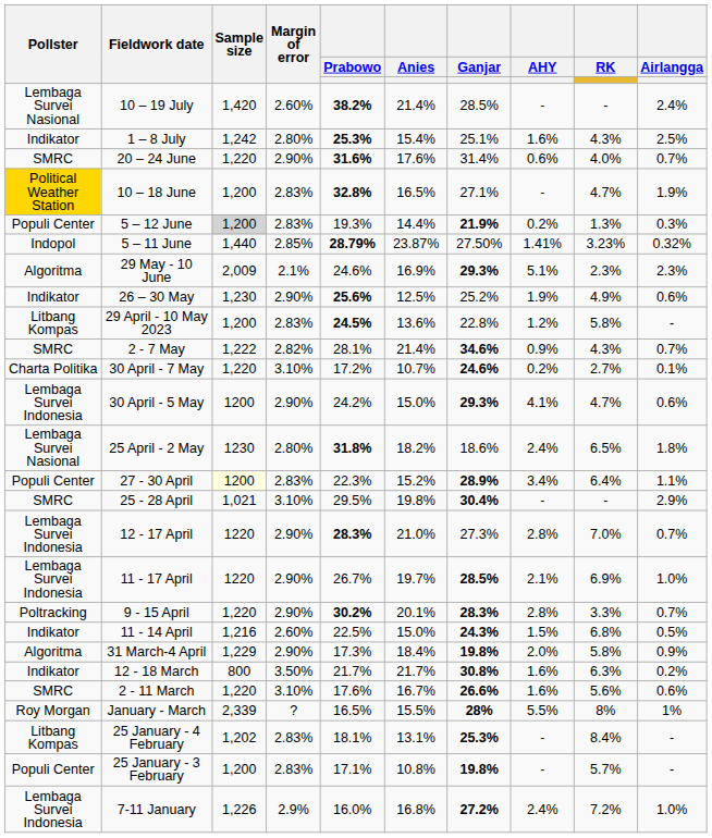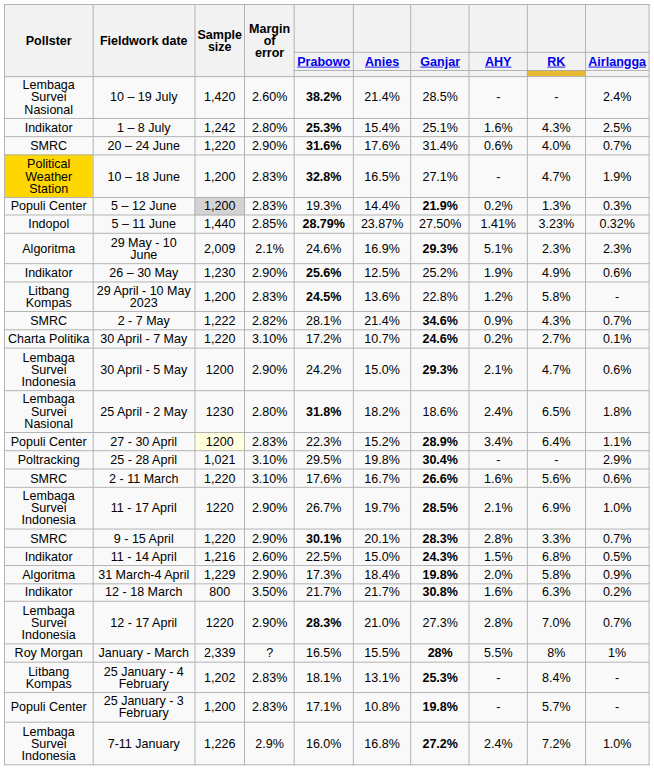 <table class="wikitable" style="text-align:center; font-size:90%; line-height:14px;">
 <tr style="height:55px; background-color:#E9E9E9">
 <th rowspan="3" style="width:95px;">Pollster</th>
 <th rowspan="3" style="width:110px;">Fieldwork date</th>
 <th rowspan="3" style="width:35px;">Sample size</th>
 <th rowspan="3" style="width:50px;">Margin of error</th>
 <th style="width:60px;"></th>
 <th style="width:60px;"></th>
 <th style="width:60px;"></th>
 <th style="width:60px;"></th>
 <th style="width:60px;"></th>
 <th style="width:60px;"></th>
 </tr>
 <tr>
 <th><a href='#'>Prabowo</a> <br></th>
 <th><a href='#'>Anies</a> <br></th>
 <th><a href='#'>Ganjar</a> <br></th>
 <th><a href='#'>AHY</a> <br></th>
 <th><a href='#'>RK</a> <br></th>
 <th><a href='#'>Airlangga</a>  <br></th>
 </tr>
 <tr>
 <th class="unsortable" style="color:inherit;background:"></th>
 <th class="unsortable" style="color:inherit;background:"></th>
 <th class="unsortable" style="color:inherit;background:"></th>
 <th class="unsortable" style="color:inherit;background:"></th>
 <th class="unsortable" style="color:inherit;background:#E7BA32; width:40px;"></th>
 <th class="unsortable" style="color:inherit;background:"></th>
 </tr>
 <tr>
 <td>Lembaga Survei Nasional</td>
 <td>10 – 19 July</td>
 <td>1,420</td>
 <td>2.60%</td>
 <td style="background-color:#"><strong>38.2%</strong> </td>
 <td>21.4% </td>
 <td>28.5% </td>
 <td>- </td>
 <td>- </td>
 <td>2.4% </td>
 </tr>
 <tr>
 <td>Indikator</td>
 <td>1 – 8 July</td>
 <td>1,242</td>
 <td>2.80%</td>
 <td style="background-color:#"><strong>25.3%</strong> </td>
 <td>15.4% </td>
 <td>25.1% </td>
 <td>1.6% </td>
 <td>4.3% </td>
 <td>2.5% </td>
 </tr>
 <tr>
 <td>SMRC</td>
 <td>20 – 24 June</td>
 <td>1,220</td>
 <td>2.90%</td>
 <td style="background-color:#"><strong>31.6%</strong> </td>
 <td>17.6% </td>
 <td>31.4% </td>
 <td>0.6% </td>
 <td>4.0% </td>
 <td>0.7% </td>
 </tr>
 <tr>
 <td style="background: gold;">Political Weather Station</td>
 <td>10 – 18 June</td>
 <td>1,200</td>
 <td>2.83%</td>
 <td style="background-color:#"><strong>32.8%</strong> </td>
 <td>16.5% </td>
 <td>27.1% </td>
 <td>- </td>
 <td>4.7% </td>
 <td>1.9% </td>
 </tr>
 <tr>
 <td>Populi Center</td>
 <td>5 – 12 June</td>
 <td style="background: lightgrey;">1,200</td>
 <td>2.83%</td>
 <td>19.3% </td>
 <td>14.4% </td>
 <td style="background-color:#"><strong>21.9%</strong> </td>
 <td>0.2% </td>
 <td>1.3% </td>
 <td>0.3% </td>
 </tr>
 <tr>
 <td>Indopol</td>
 <td>5 – 11 June</td>
 <td>1,440</td>
 <td>2.85%</td>
 <td style="background-color:#"><strong>28.79%</strong> </td>
 <td>23.87% </td>
 <td>27.50% </td>
 <td>1.41% </td>
 <td>3.23% </td>
 <td>0.32% </td>
 </tr>
 <tr>
 <td>Algoritma</td>
 <td>29 May - 10 June</td>
 <td>2,009</td>
 <td>2.1%</td>
 <td>24.6%</td>
 <td>16.9% </td>
 <td style="background-color:#"><strong>29.3%</strong> </td>
 <td>5.1% </td>
 <td>2.3% </td>
 <td>2.3% </td>
 </tr>
 <tr>
 <td>Indikator</td>
 <td>26 – 30 May</td>
 <td>1,230</td>
 <td>2.90%</td>
 <td style="background-color:#"><strong>25.6%</strong> </td>
 <td>12.5% </td>
 <td>25.2% </td>
 <td>1.9% </td>
 <td>4.9% </td>
 <td>0.6% </td>
 </tr>
 <tr>
 <td>Litbang Kompas</td>
 <td>29 April - 10 May 2023</td>
 <td>1,200</td>
 <td>2.83%</td>
 <td style="background-color:#"><strong>24.5%</strong> </td>
 <td>13.6% </td>
 <td>22.8% </td>
 <td>1.2% </td>
 <td>5.8% </td>
 <td>- </td>
 </tr>
 <tr>
 <td>SMRC</td>
 <td>2 - 7 May</td>
 <td>1,222</td>
 <td>2.82%</td>
 <td>28.1% </td>
 <td>21.4% </td>
 <td style="background-color:#"><strong>34.6%</strong> </td>
 <td>0.9% </td>
 <td>4.3% </td>
 <td>0.7% </td>
 </tr>
 <tr>
 <td>Charta Politika</td>
 <td>30 April - 7 May</td>
 <td>1,220</td>
 <td>3.10%</td>
 <td>17.2% </td>
 <td>10.7% </td>
 <td style="background-color:#"><strong>24.6%</strong> </td>
 <td>0.2% </td>
 <td>2.7% </td>
 <td>0.1% </td>
 </tr>
 <tr>
 <td>Lembaga Survei Indonesia</td>
 <td>30 April - 5 May</td>
 <td>1200</td>
 <td>2.90%</td>
 <td>24.2% </td>
 <td>15.0% </td>
 <td style="background-color:#"><strong>29.3%</strong> </td>
-<td>4.1% </td>
+<td>2.1% </td>
 <td>4.7% </td>
 <td>0.6% </td>
 </tr>
 <tr>
 <td>Lembaga Survei Nasional</td>
 <td>25 April - 2 May</td>
 <td>1230</td>
 <td>2.80%</td>
 <td style="background-color:#"><strong>31.8%</strong></td>
 <td>18.2%</td>
 <td>18.6%</td>
 <td>2.4%</td>
 <td>6.5%</td>
 <td>1.8%</td>
 </tr>
 <tr>
 <td>Populi Center</td>
 <td>27 - 30 April</td>
 <td style="background: lightyellow;">1200</td>
 <td>2.83%</td>
 <td>22.3%</td>
 <td>15.2%</td>
 <td style="background-color:#"><strong>28.9%</strong></td>
 <td>3.4%</td>
 <td>6.4%</td>
 <td>1.1%</td>
 </tr>
 <tr>
-<td>SMRC</td>
+<td>Poltracking</td>
 <td>25 - 28 April</td>
 <td>1,021</td>
 <td>3.10%</td>
 <td>29.5%</td>
 <td>19.8%</td>
 <td style="background-color:#"><strong>30.4%</strong></td>
 <td>-</td>
 <td>-</td>
 <td>2.9%</td>
 </tr>
 <tr>
-<td>Lembaga Survei Indonesia</td>
-<td>12 - 17 April</td>
-<td>1220</td>
-<td>2.90%</td>
-<td style="background-color:#"><strong>28.3%</strong></td>
-<td>21.0%</td>
-<td>27.3%</td>
-<td>2.8%</td>
-<td>7.0%</td>
-<td>0.7%</td>
+<td>SMRC</td>
+<td>2 - 11 March</td>
+<td>1,220</td>
+<td>3.10%</td>
+<td>17.6%</td>
+<td>16.7%</td>
+<td style="background-color:#"><strong>26.6%</strong></td>
+<td>1.6%</td>
+<td>5.6%</td>
+<td>0.6%</td>
 </tr>
 <tr>
 <td>Lembaga Survei Indonesia</td>
 <td>11 - 17 April</td>
 <td>1220</td>
 <td>2.90%</td>
 <td>26.7%</td>
 <td>19.7%</td>
 <td style="background-color:#"><strong>28.5%</strong></td>
 <td>2.1%</td>
 <td>6.9%</td>
 <td>1.0%</td>
 </tr>
 <tr>
-<td>Poltracking</td>
+<td>SMRC</td>
 <td>9 - 15 April</td>
 <td>1,220</td>
 <td>2.90%</td>
-<td style="background-color:#"><strong>30.2%</strong></td>
+<td style="background-color:#"><strong>30.1%</strong></td>
 <td>20.1%</td>
 <td><strong>28.3%</strong></td>
 <td>2.8%</td>
 <td>3.3%</td>
 <td>0.7%</td>
 </tr>
 <tr>
 <td>Indikator</td>
 <td>11 - 14 April</td>
 <td>1,216</td>
 <td>2.60%</td>
 <td>22.5%</td>
 <td>15.0%</td>
 <td style="background-color:#"><strong>24.3%</strong></td>
 <td>1.5%</td>
 <td>6.8%</td>
 <td>0.5%</td>
 </tr>
 <tr>
 <td>Algoritma</td>
 <td>31 March-4 April</td>
 <td>1,229</td>
 <td>2.90%</td>
 <td>17.3%</td>
 <td>18.4%</td>
 <td style="background-color:#"><strong>19.8%</strong></td>
 <td>2.0%</td>
 <td>5.8%</td>
 <td>0.9%</td>
 </tr>
 <tr>
 <td>Indikator</td>
 <td>12 - 18 March</td>
 <td>800</td>
 <td>3.50%</td>
 <td>21.7%</td>
 <td>21.7%</td>
 <td style="background-color:#"><strong>30.8%</strong></td>
 <td>1.6%</td>
 <td>6.3%</td>
 <td>0.2%</td>
 </tr>
 <tr>
-<td>SMRC</td>
-<td>2 - 11 March</td>
-<td>1,220</td>
-<td>3.10%</td>
-<td>17.6%</td>
-<td>16.7%</td>
-<td style="background-color:#"><strong>26.6%</strong></td>
-<td>1.6%</td>
-<td>5.6%</td>
-<td>0.6%</td>
+<td>Lembaga Survei Indonesia</td>
+<td>12 - 17 April</td>
+<td>1220</td>
+<td>2.90%</td>
+<td style="background-color:#"><strong>28.3%</strong></td>
+<td>21.0%</td>
+<td>27.3%</td>
+<td>2.8%</td>
+<td>7.0%</td>
+<td>0.7%</td>
 </tr>
 <tr>
 <td>Roy Morgan</td>
 <td>January - March</td>
 <td>2,339</td>
 <td>?</td>
 <td>16.5%</td>
 <td>15.5%</td>
 <td style="background-color:#"><strong>28%</strong></td>
 <td>5.5%</td>
 <td>8%</td>
 <td>1%</td>
 </tr>
 <tr>
 <td>Litbang Kompas</td>
 <td>25 January - 4 February</td>
 <td>1,202</td>
 <td>2.83%</td>
 <td>18.1%</td>
 <td>13.1%</td>
 <td style="background-color:#"><strong>25.3%</strong></td>
 <td>-</td>
 <td>8.4%</td>
 <td>-</td>
 </tr>
 <tr>
 <td>Populi Center</td>
 <td>25 January - 3 February</td>
 <td>1,200</td>
 <td>2.83%</td>
 <td>17.1%</td>
 <td>10.8%</td>
 <td style="background-color:#"><strong>19.8%</strong></td>
 <td>-</td>
 <td>5.7%</td>
 <td>-</td>
 </tr>
 <tr>
 <td>Lembaga Survei Indonesia</td>
 <td>7-11 January</td>
 <td>1,226</td>
 <td>2.9%</td>
 <td>16.0%</td>
 <td>16.8%</td>
 <td style="background-color:#"><strong>27.2%</strong></td>
 <td>2.4%</td>
 <td>7.2%</td>
 <td>1.0%</td>
 </tr>
 </table>
